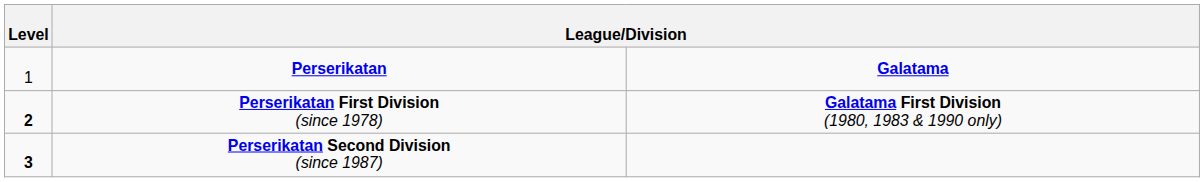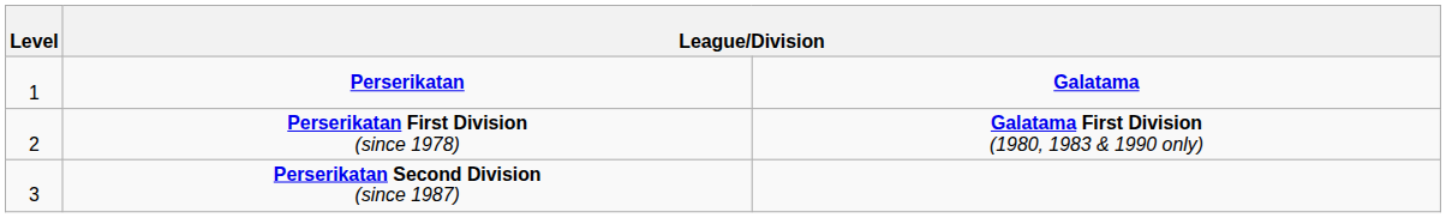 <table class="wikitable" style="text-align: center;">
 <tr>
 <th colspan="1" width="4%"><br>Level</th>
 <th colspan="18" width="96%"><br>League/Division</th>
 </tr>
 <tr>
 <td colspan="1" width="4%"><br>1</td>
 <td colspan="9" width="48%"><strong><a href='#'>Perserikatan</a></strong></td>
 <td colspan="9" width="48%"><strong><a href='#'>Galatama</a></strong></td>
 </tr>
 <tr>
-<td colspan="1" width="4%"><strong><br>2</strong></td>
+<td colspan="1" width="4%"><br>2</td>
 <td colspan="9" width="48%"><strong><a href='#'>Perserikatan</a> First Division</strong><br><em>(since 1978)</em></td>
 <td colspan="9" width="48%"><strong><a href='#'>Galatama</a> First Division</strong><br><em>(1980, 1983 & 1990 only)</em></td>
 </tr>
 <tr>
-<td colspan="1" width="4%"><strong><br>3</strong></td>
+<td colspan="1" width="4%"><br>3</td>
 <td colspan="9" width="48%"><strong><a href='#'>Perserikatan</a> Second Division</strong><br><em>(since 1987)</em></td>
 <td></td>
 </tr>
 </table>
